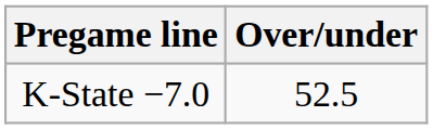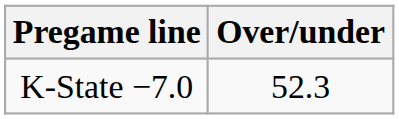 <table class="wikitable" style="margin-left: auto; margin-right: auto; border: none; display: inline-table;">
 <tr align="center">
 <th style=>Pregame line</th>
 <th style=>Over/under</th>
 </tr>
 <tr align="center">
 <td>K-State −7.0</td>
-<td>52.5</td>
+<td>52.3</td>
 </tr>
 </table>
